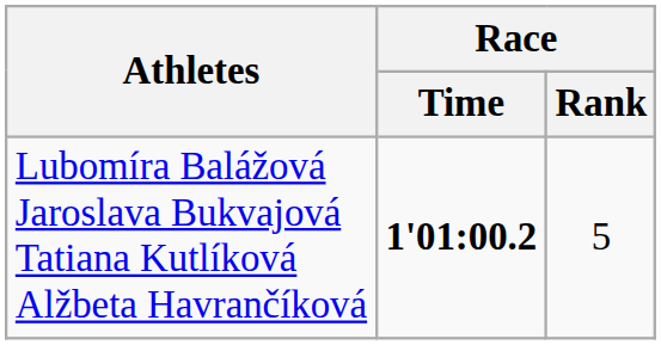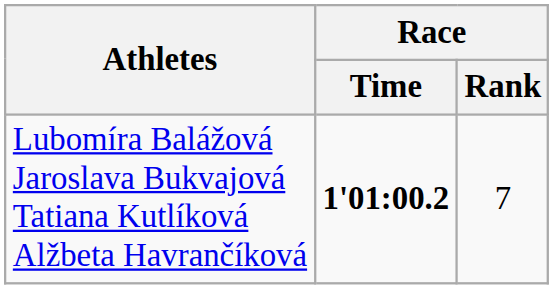 <table class="wikitable" border="1" style="font-size:90%">
 <tr>
 <th rowspan=2>Athletes</th>
 <th colspan=2>Race</th>
 </tr>
 <tr>
 <th>Time</th>
 <th>Rank</th>
 </tr>
 <tr>
 <td><a href='#'>Lubomíra Balážová</a><br><a href='#'>Jaroslava Bukvajová</a><br><a href='#'>Tatiana Kutlíková</a><br><a href='#'>Alžbeta Havrančíková</a></td>
 <td align=center><strong>1'01:00.2</strong></td>
-<td align=center>5</td>
+<td align=center>7</td>
 </tr>
 </table>
